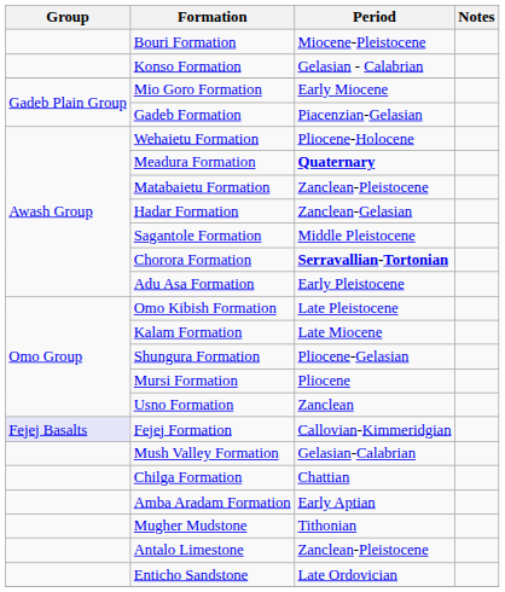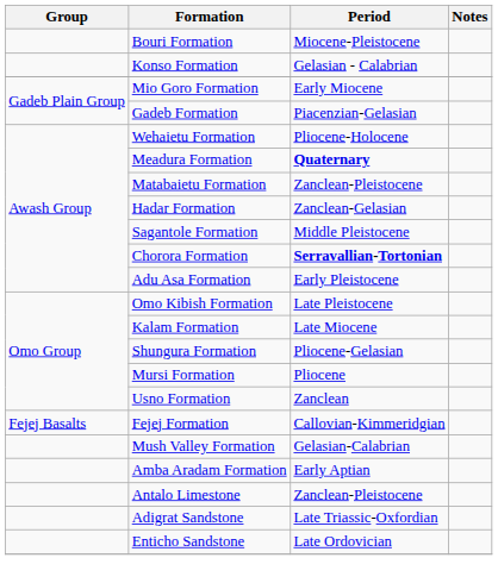 <table class="wikitable sortable">
 <tr>
 <th>Group</th>
 <th>Formation</th>
 <th>Period</th>
 <th class="unsortable">Notes</th>
 </tr>
 <tr>
 <td></td>
 <td><a href='#'>Bouri Formation</a></td>
 <td style="background-color: "><a href='#'>Miocene</a>-<a href='#'>Pleistocene</a></td>
 <td align=center></td>
 </tr>
 <tr>
 <td></td>
 <td><a href='#'>Konso Formation</a></td>
 <td style="background-color: "><a href='#'>Gelasian</a> - <a href='#'>Calabrian</a></td>
 <td align=center></td>
 </tr>
 <tr>
 </tr>
 <tr>
 <td rowspan=2><a href='#'>Gadeb Plain Group</a></td>
 <td><a href='#'>Mio Goro Formation</a></td>
 <td style="background-color: "><a href='#'>Early Miocene</a></td>
 <td align=center></td>
 </tr>
 <tr>
 <td><a href='#'>Gadeb Formation</a></td>
 <td style="background-color: "><a href='#'>Piacenzian</a>-<a href='#'>Gelasian</a></td>
 <td align=center></td>
 </tr>
 <tr>
 <td rowspan=7><a href='#'>Awash Group</a></td>
 <td><a href='#'>Wehaietu Formation</a></td>
 <td style="background-color: "><a href='#'>Pliocene</a>-<a href='#'>Holocene</a></td>
 <td align=center></td>
 </tr>
 <tr>
 <td><a href='#'>Meadura Formation</a></td>
 <td style="background-color: "><strong><a href='#'>Quaternary</a></strong></td>
 <td align=center></td>
 </tr>
 <tr>
 <td><a href='#'>Matabaietu Formation</a></td>
 <td style="background-color: "><a href='#'>Zanclean</a>-<a href='#'>Pleistocene</a></td>
 <td align=center></td>
 </tr>
 <tr>
 <td><a href='#'>Hadar Formation</a></td>
 <td style="background-color: "><a href='#'>Zanclean</a>-<a href='#'>Gelasian</a></td>
 <td align=center></td>
 </tr>
 <tr>
 <td><a href='#'>Sagantole Formation</a></td>
 <td style="background-color: "><a href='#'>Middle Pleistocene</a></td>
 <td align=center></td>
 </tr>
 <tr>
 <td><a href='#'>Chorora Formation</a></td>
 <td style="background-color: "><strong><a href='#'>Serravallian</a>-<a href='#'>Tortonian</a></strong></td>
 <td align=center></td>
 </tr>
 <tr>
 <td><a href='#'>Adu Asa Formation</a></td>
 <td style="background-color: "><a href='#'>Early Pleistocene</a></td>
 <td align=center></td>
 </tr>
 <tr>
 <td rowspan=5><a href='#'>Omo Group</a></td>
 <td><a href='#'>Omo Kibish Formation</a></td>
 <td style="background-color: "><a href='#'>Late Pleistocene</a></td>
 <td align=center></td>
 </tr>
 <tr>
 <td><a href='#'>Kalam Formation</a></td>
 <td style="background-color: "><a href='#'>Late Miocene</a></td>
 <td align=center></td>
 </tr>
 <tr>
 <td><a href='#'>Shungura Formation</a></td>
 <td style="background-color: "><a href='#'>Pliocene</a>-<a href='#'>Gelasian</a></td>
 <td align=center></td>
 </tr>
 <tr>
 <td><a href='#'>Mursi Formation</a></td>
 <td style="background-color: "><a href='#'>Pliocene</a></td>
 <td align=center></td>
 </tr>
 <tr>
 <td><a href='#'>Usno Formation</a></td>
 <td style="background-color: "><a href='#'>Zanclean</a></td>
 <td align=center></td>
 </tr>
 <tr>
-<td style="background: lavender;"><a href='#'>Fejej Basalts</a></td>
+<td><a href='#'>Fejej Basalts</a></td>
 <td><a href='#'>Fejej Formation</a></td>
 <td style="background-color: "><a href='#'>Callovian</a>-<a href='#'>Kimmeridgian</a></td>
 <td align=center></td>
 </tr>
 <tr>
 <td></td>
 <td><a href='#'>Mush Valley Formation</a></td>
 <td style="background-color: "><a href='#'>Gelasian</a>-<a href='#'>Calabrian</a></td>
 <td align=center></td>
 </tr>
 <tr>
 <td></td>
-<td><a href='#'>Chilga Formation</a></td>
-<td style="background-color: "><a href='#'>Chattian</a></td>
-<td align=center></td>
-</tr>
-<tr>
-<td></td>
 <td><a href='#'>Amba Aradam Formation</a></td>
 <td style="background-color: "><a href='#'>Early Aptian</a></td>
 <td align=center></td>
 </tr>
 <tr>
 <td></td>
-<td><a href='#'>Mugher Mudstone</a></td>
-<td style="background-color: "><a href='#'>Tithonian</a></td>
+<td><a href='#'>Antalo Limestone</a></td>
+<td style="background-color: "><a href='#'>Zanclean</a>-<a href='#'>Pleistocene</a></td>
 <td align=center></td>
 </tr>
 <tr>
 <td></td>
-<td><a href='#'>Antalo Limestone</a></td>
-<td style="background-color: "><a href='#'>Zanclean</a>-<a href='#'>Pleistocene</a></td>
+<td><a href='#'>Adigrat Sandstone</a></td>
+<td style="background-color: "><a href='#'>Late Triassic</a>-<a href='#'>Oxfordian</a></td>
 <td align=center></td>
 </tr>
 <tr>
 <td></td>
 <td><a href='#'>Enticho Sandstone</a></td>
 <td style="background-color: "><a href='#'>Late Ordovician</a></td>
 <td align=center></td>
 </tr>
 <tr>
 </tr>
 </table>
